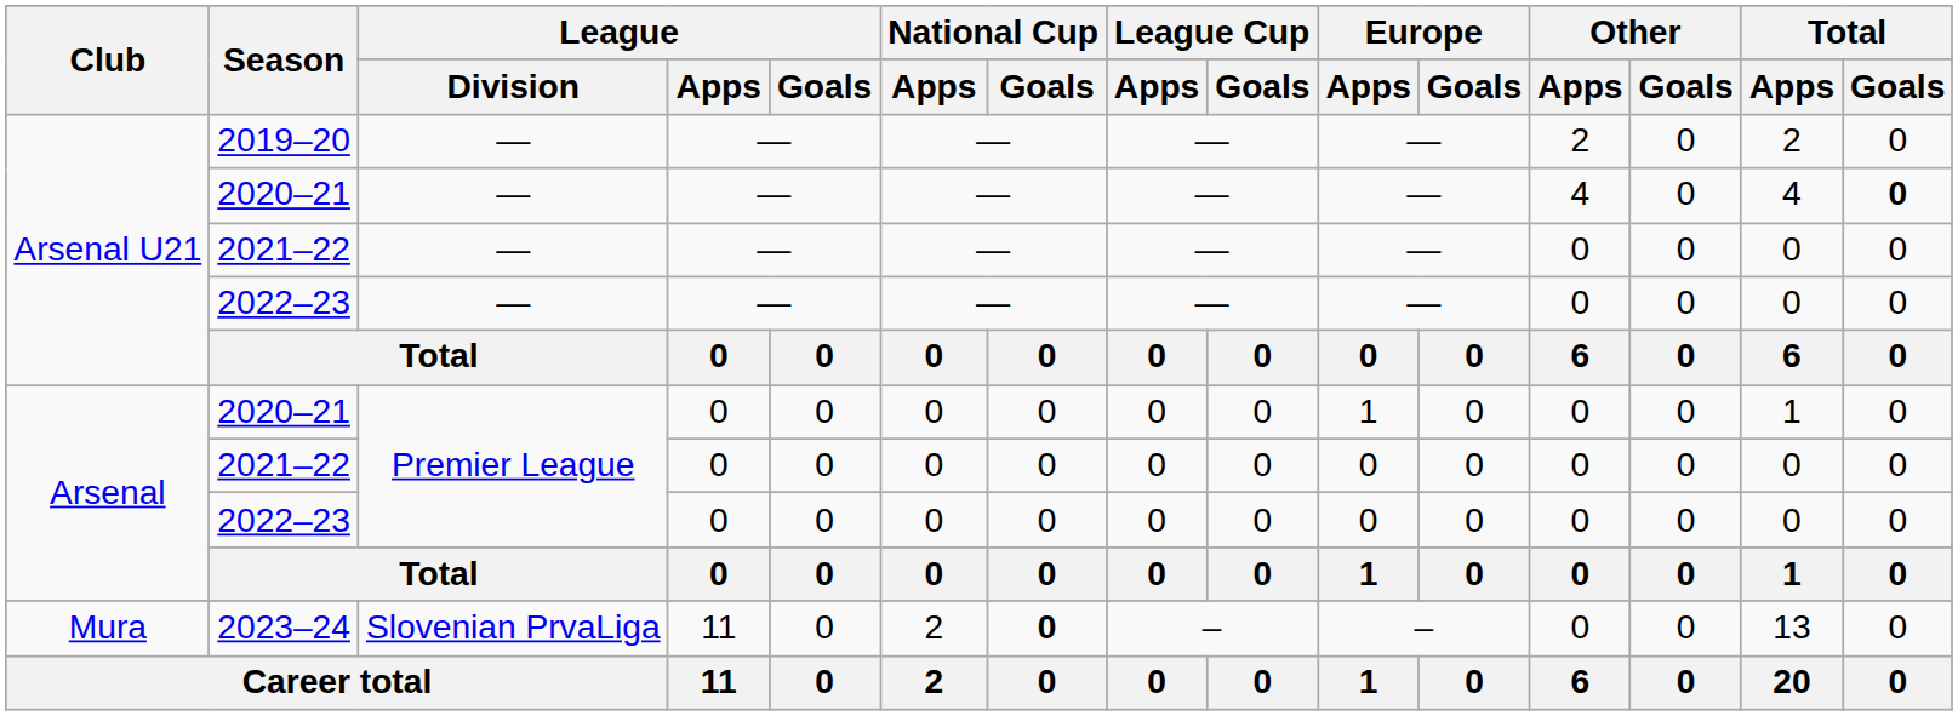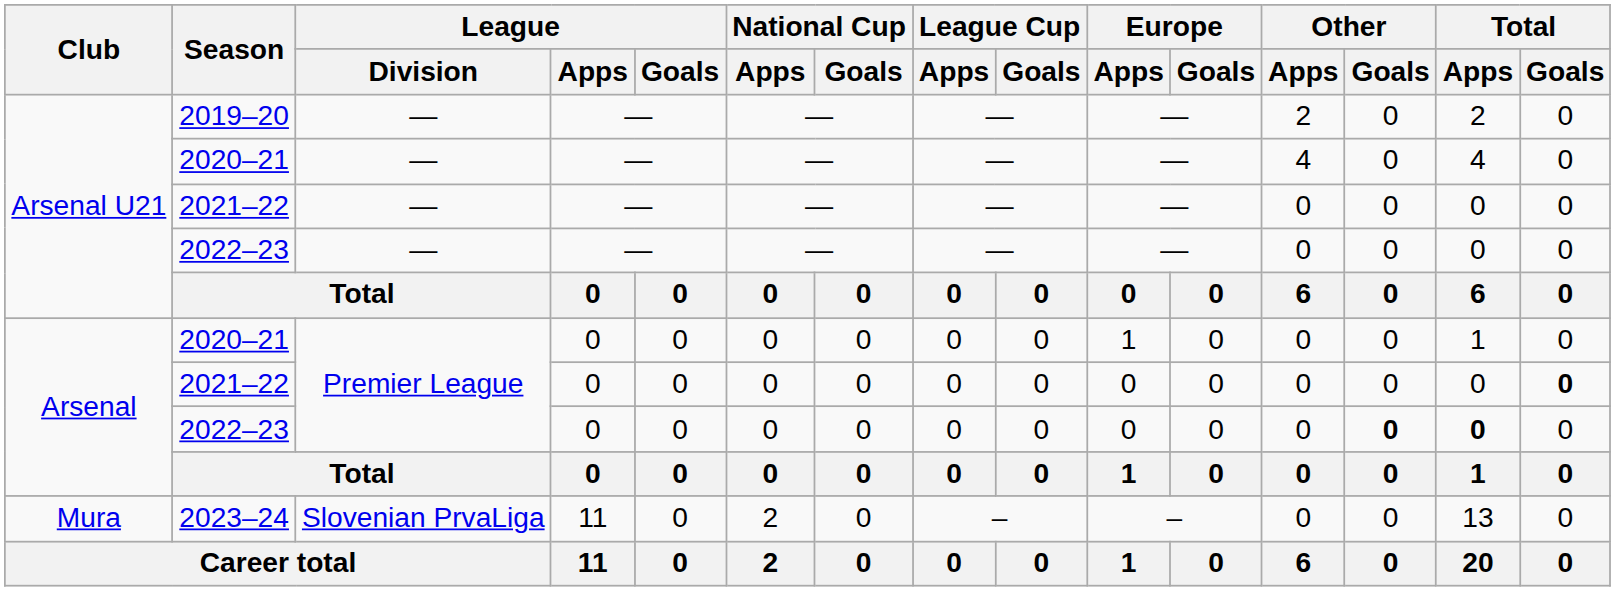 <table class=wikitable style=text-align:center>
 <tr>
 <th rowspan=2>Club</th>
 <th rowspan=2>Season</th>
 <th colspan=3>League</th>
 <th colspan=2>National Cup</th>
 <th colspan=2>League Cup</th>
 <th colspan=2>Europe</th>
 <th colspan=2>Other</th>
 <th colspan=2>Total</th>
 </tr>
 <tr>
 <th>Division</th>
 <th>Apps</th>
 <th>Goals</th>
 <th>Apps</th>
 <th>Goals</th>
 <th>Apps</th>
 <th>Goals</th>
 <th>Apps</th>
 <th>Goals</th>
 <th>Apps</th>
 <th>Goals</th>
 <th>Apps</th>
 <th>Goals</th>
 </tr>
 <tr>
 <td rowspan="5"><a href='#'>Arsenal U21</a></td>
 <td><a href='#'>2019–20</a></td>
 <td>—</td>
 <td colspan=2>—</td>
 <td colspan=2>—</td>
 <td colspan=2>—</td>
 <td colspan=2>—</td>
 <td>2</td>
 <td>0</td>
 <td>2</td>
 <td>0</td>
 </tr>
 <tr>
 <td><a href='#'>2020–21</a></td>
 <td>—</td>
 <td colspan=2>—</td>
 <td colspan=2>—</td>
 <td colspan=2>—</td>
 <td colspan=2>—</td>
 <td>4</td>
 <td>0</td>
 <td>4</td>
-<td><strong>0</strong></td>
+<td>0</td>
 </tr>
 <tr>
 <td><a href='#'>2021–22</a></td>
 <td>—</td>
 <td colspan=2>—</td>
 <td colspan=2>—</td>
 <td colspan=2>—</td>
 <td colspan=2>—</td>
 <td>0</td>
 <td>0</td>
 <td>0</td>
 <td>0</td>
 </tr>
 <tr>
 <td><a href='#'>2022–23</a></td>
 <td>—</td>
 <td colspan=2>—</td>
 <td colspan=2>—</td>
 <td colspan=2>—</td>
 <td colspan=2>—</td>
 <td>0</td>
 <td>0</td>
 <td>0</td>
 <td>0</td>
 </tr>
 <tr>
 <th colspan=2>Total</th>
 <th>0</th>
 <th>0</th>
 <th>0</th>
 <th>0</th>
 <th>0</th>
 <th>0</th>
 <th>0</th>
 <th>0</th>
 <th>6</th>
 <th>0</th>
 <th>6</th>
 <th>0</th>
 </tr>
 <tr>
 <td rowspan="4"><a href='#'>Arsenal</a></td>
 <td><a href='#'>2020–21</a></td>
 <td rowspan="3"><a href='#'>Premier League</a></td>
 <td>0</td>
 <td>0</td>
 <td>0</td>
 <td>0</td>
 <td>0</td>
 <td>0</td>
 <td>1</td>
 <td>0</td>
 <td>0</td>
 <td>0</td>
 <td>1</td>
 <td>0</td>
 </tr>
 <tr>
 <td><a href='#'>2021–22</a></td>
 <td>0</td>
 <td>0</td>
 <td>0</td>
 <td>0</td>
 <td>0</td>
 <td>0</td>
 <td>0</td>
 <td>0</td>
 <td>0</td>
 <td>0</td>
 <td>0</td>
-<td>0</td>
+<td><strong>0</strong></td>
 </tr>
 <tr>
 <td><a href='#'>2022–23</a></td>
 <td>0</td>
 <td>0</td>
 <td>0</td>
 <td>0</td>
 <td>0</td>
 <td>0</td>
 <td>0</td>
 <td>0</td>
 <td>0</td>
-<td>0</td>
-<td>0</td>
+<td><strong>0</strong></td>
+<td><strong>0</strong></td>
 <td>0</td>
 </tr>
 <tr>
 <th colspan=2>Total</th>
 <th>0</th>
 <th>0</th>
 <th>0</th>
 <th>0</th>
 <th>0</th>
 <th>0</th>
 <th>1</th>
 <th>0</th>
 <th>0</th>
 <th>0</th>
 <th>1</th>
 <th>0</th>
 </tr>
 <tr>
 <td><a href='#'>Mura</a></td>
 <td><a href='#'>2023–24</a></td>
 <td><a href='#'>Slovenian PrvaLiga</a></td>
 <td>11</td>
 <td>0</td>
 <td>2</td>
-<td><strong>0</strong></td>
+<td>0</td>
 <td colspan="2">–</td>
 <td colspan="2">–</td>
 <td>0</td>
 <td>0</td>
 <td>13</td>
 <td>0</td>
 </tr>
 <tr>
 <th colspan=3>Career total</th>
 <th>11</th>
 <th>0</th>
 <th>2</th>
 <th>0</th>
 <th>0</th>
 <th>0</th>
 <th>1</th>
 <th>0</th>
 <th>6</th>
 <th>0</th>
 <th>20</th>
 <th>0</th>
 </tr>
 </table>
